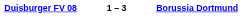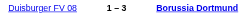 <table width=100% cellspacing=1>
 <tr>
 <th width=25%></th>
 <th width=10%></th>
 <th width=25%></th>
 <th></th>
 </tr>
 <tr style=font-size:90%>
-<td align=right><strong><a href='#'>Duisburger FV 08</a></strong></td>
+<td align=right><a href='#'>Duisburger FV 08</a></td>
 <td align=center><strong>1 – 3</strong></td>
 <td><strong><a href='#'>Borussia Dortmund</a></strong></td>
 </tr>
 </table>
